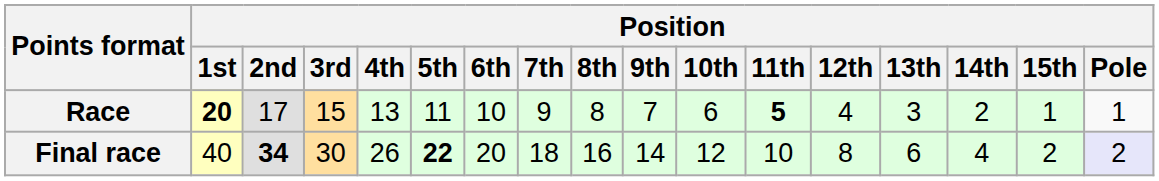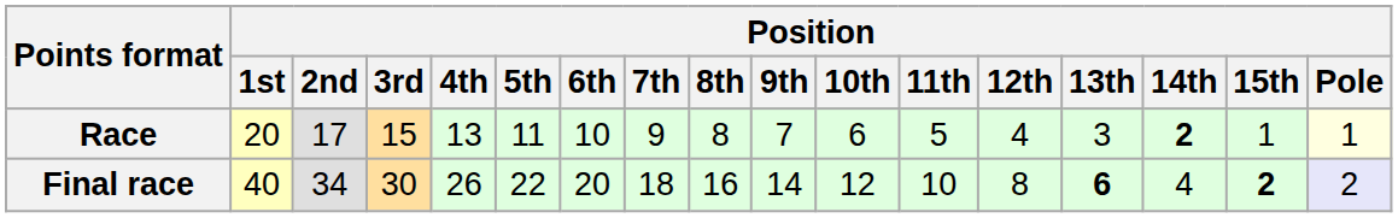 <table class="wikitable" style="font-size:85%; text-align:center">
 <tr style="background:#f9f9f9">
 <th rowspan="2">Points format</th>
 <th colspan="21">Position</th>
 </tr>
 <tr>
 <th>1st</th>
 <th>2nd</th>
 <th>3rd</th>
 <th>4th</th>
 <th>5th</th>
 <th>6th</th>
 <th>7th</th>
 <th>8th</th>
 <th>9th</th>
 <th>10th</th>
 <th>11th</th>
 <th>12th</th>
 <th>13th</th>
 <th>14th</th>
 <th>15th</th>
 <th>Pole</th>
 </tr>
 <tr>
 <th>Race</th>
-<td style="background:#ffffbf;"><strong>20</strong></td>
+<td style="background:#ffffbf;">20</td>
 <td style="background:#dfdfdf;">17</td>
 <td style="background:#ffdf9f;">15</td>
 <td style="background:#dfffdf;">13</td>
 <td style="background:#dfffdf;">11</td>
 <td style="background:#dfffdf;">10</td>
 <td style="background:#dfffdf;">9</td>
 <td style="background:#dfffdf;">8</td>
 <td style="background:#dfffdf;">7</td>
 <td style="background:#dfffdf;">6</td>
-<td style="background:#dfffdf;"><strong>5</strong></td>
+<td style="background:#dfffdf;">5</td>
 <td style="background:#dfffdf;">4</td>
 <td style="background:#dfffdf;">3</td>
-<td style="background:#dfffdf;">2</td>
+<td style="background:#dfffdf;"><strong>2</strong></td>
 <td style="background:#dfffdf;">1</td>
-<td>1</td>
+<td style="background: lightyellow;">1</td>
 </tr>
 <tr>
 <th>Final race</th>
 <td style="background:#ffffbf;">40</td>
-<td style="background:#dfdfdf;"><strong>34</strong></td>
+<td style="background:#dfdfdf;">34</td>
 <td style="background:#ffdf9f;">30</td>
 <td style="background:#dfffdf;">26</td>
-<td style="background:#dfffdf;"><strong>22</strong></td>
+<td style="background:#dfffdf;">22</td>
 <td style="background:#dfffdf;">20</td>
 <td style="background:#dfffdf;">18</td>
 <td style="background:#dfffdf;">16</td>
 <td style="background:#dfffdf;">14</td>
 <td style="background:#dfffdf;">12</td>
 <td style="background:#dfffdf;">10</td>
 <td style="background:#dfffdf;">8</td>
-<td style="background:#dfffdf;">6</td>
+<td style="background:#dfffdf;"><strong>6</strong></td>
 <td style="background:#dfffdf;">4</td>
-<td style="background:#dfffdf;">2</td>
+<td style="background:#dfffdf;"><strong>2</strong></td>
 <td style="background: lavender;">2</td>
 </tr>
 </table>
